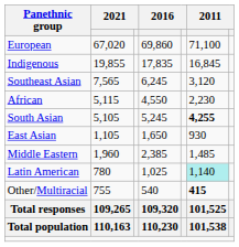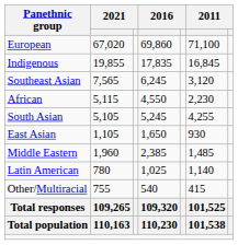 <table class="wikitable collapsible sortable">
 <tr>
 <th rowspan="2"><a href='#'>Panethnic</a><br>group</th>
 <th colspan="2">2021</th>
 <th colspan="2">2016</th>
 <th colspan="2">2011</th>
 </tr>
 <tr>
 <th><a href='#'></a></th>
 <th></th>
 <th></th>
 <th></th>
 <th></th>
 <th></th>
 </tr>
 <tr>
 <td><a href='#'>European</a></td>
 <td>67,020</td>
 <td></td>
 <td>69,860</td>
 <td></td>
 <td>71,100</td>
 <td></td>
 </tr>
 <tr>
 <td><a href='#'>Indigenous</a></td>
 <td>19,855</td>
 <td></td>
 <td>17,835</td>
 <td></td>
 <td>16,845</td>
 <td></td>
 </tr>
 <tr>
 <td><a href='#'>Southeast Asian</a></td>
 <td>7,565</td>
 <td></td>
 <td>6,245</td>
 <td></td>
 <td>3,120</td>
 <td></td>
 </tr>
 <tr>
 <td><a href='#'>African</a></td>
 <td>5,115</td>
 <td></td>
 <td>4,550</td>
 <td></td>
 <td>2,230</td>
 <td></td>
 </tr>
 <tr>
 <td><a href='#'>South Asian</a></td>
 <td>5,105</td>
 <td></td>
 <td>5,245</td>
 <td></td>
-<td><strong>4,255</strong></td>
+<td>4,255</td>
 <td></td>
 </tr>
 <tr>
 <td><a href='#'>East Asian</a></td>
 <td>1,105</td>
 <td></td>
 <td>1,650</td>
 <td></td>
 <td>930</td>
 <td></td>
 </tr>
 <tr>
 <td><a href='#'>Middle Eastern</a></td>
 <td>1,960</td>
 <td></td>
 <td>2,385</td>
 <td></td>
 <td>1,485</td>
 <td></td>
 </tr>
 <tr>
 <td><a href='#'>Latin American</a></td>
 <td>780</td>
 <td></td>
 <td>1,025</td>
 <td></td>
-<td style="background: paleturquoise;">1,140</td>
+<td>1,140</td>
 <td></td>
 </tr>
 <tr>
 <td>Other/<a href='#'>Multiracial</a></td>
 <td>755</td>
 <td></td>
 <td>540</td>
 <td></td>
-<td><strong>415</strong></td>
+<td>415</td>
 <td></td>
 </tr>
 <tr>
 <th>Total responses</th>
 <th>109,265</th>
 <th></th>
 <th>109,320</th>
 <th></th>
 <th>101,525</th>
 <th></th>
 </tr>
 <tr>
 <th>Total population</th>
 <th>110,163</th>
 <th></th>
 <th>110,230</th>
 <th></th>
 <th>101,538</th>
 <th></th>
 </tr>
 <tr class="sortbottom">
 <td colspan="15"></td>
 </tr>
 </table>
